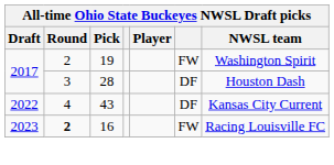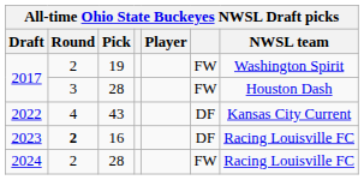 <table class="wikitable sortable" style="text-align: center;">
 <tr>
 <th colspan="7" style="background:#">All-time <a href='#'><span>Ohio State Buckeyes</span></a> NWSL Draft picks</th>
 </tr>
 <tr>
 <th scope="col">Draft</th>
 <th scope="col">Round</th>
 <th scope="col">Pick</th>
 <th scope="col"></th>
 <th scope="col">Player</th>
 <th scope="col"></th>
 <th scope="col">NWSL team</th>
 </tr>
 <tr>
 <td rowspan="2"><a href='#'>2017</a></td>
 <td>2</td>
 <td>19</td>
 <td></td>
 <td></td>
 <td>FW</td>
 <td><a href='#'>Washington Spirit</a></td>
 </tr>
 <tr>
 <td>3</td>
 <td>28</td>
 <td></td>
 <td></td>
-<td>DF</td>
+<td>FW</td>
 <td><a href='#'>Houston Dash</a></td>
 </tr>
 <tr>
 <td><a href='#'>2022</a></td>
 <td>4</td>
 <td>43</td>
 <td></td>
 <td></td>
 <td>DF</td>
 <td><a href='#'>Kansas City Current</a></td>
 </tr>
 <tr>
 <td><a href='#'>2023</a></td>
 <td><strong>2</strong></td>
 <td>16</td>
 <td></td>
 <td></td>
+<td>DF</td>
+<td><a href='#'>Racing Louisville FC</a></td>
+</tr>
+<tr>
+<td><a href='#'>2024</a></td>
+<td>2</td>
+<td>28</td>
+<td></td>
+<td></td>
 <td>FW</td>
 <td><a href='#'>Racing Louisville FC</a></td>
 </tr>
 </table>
